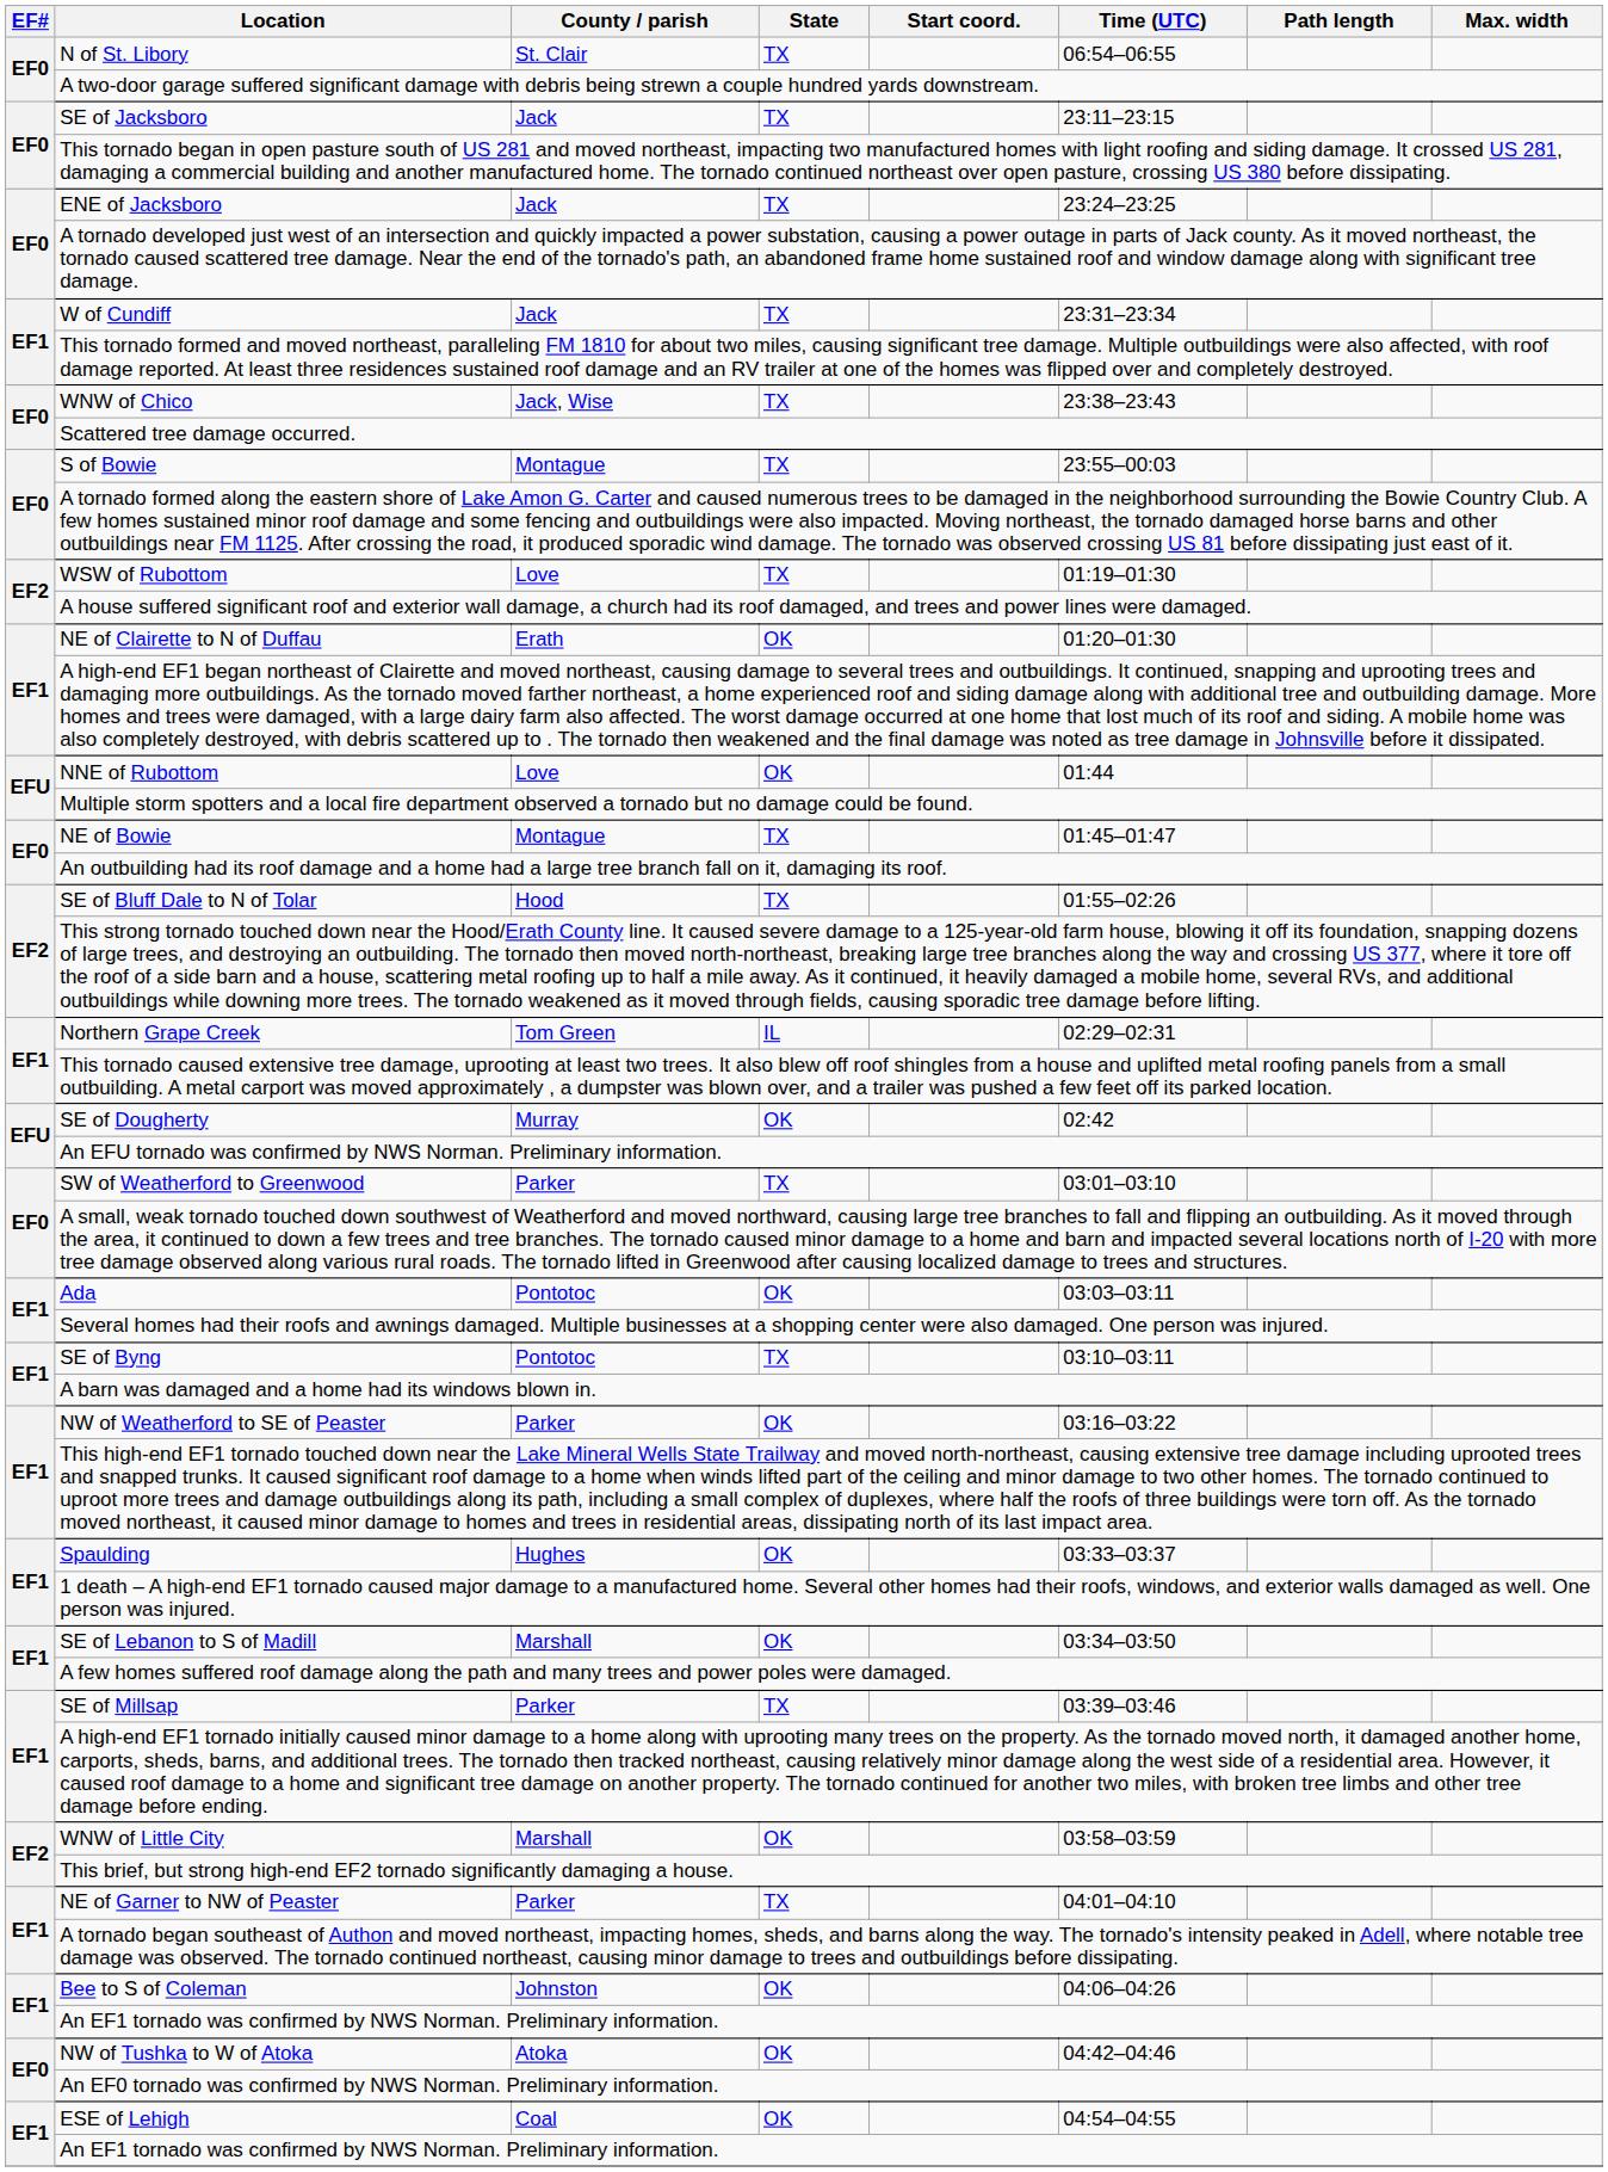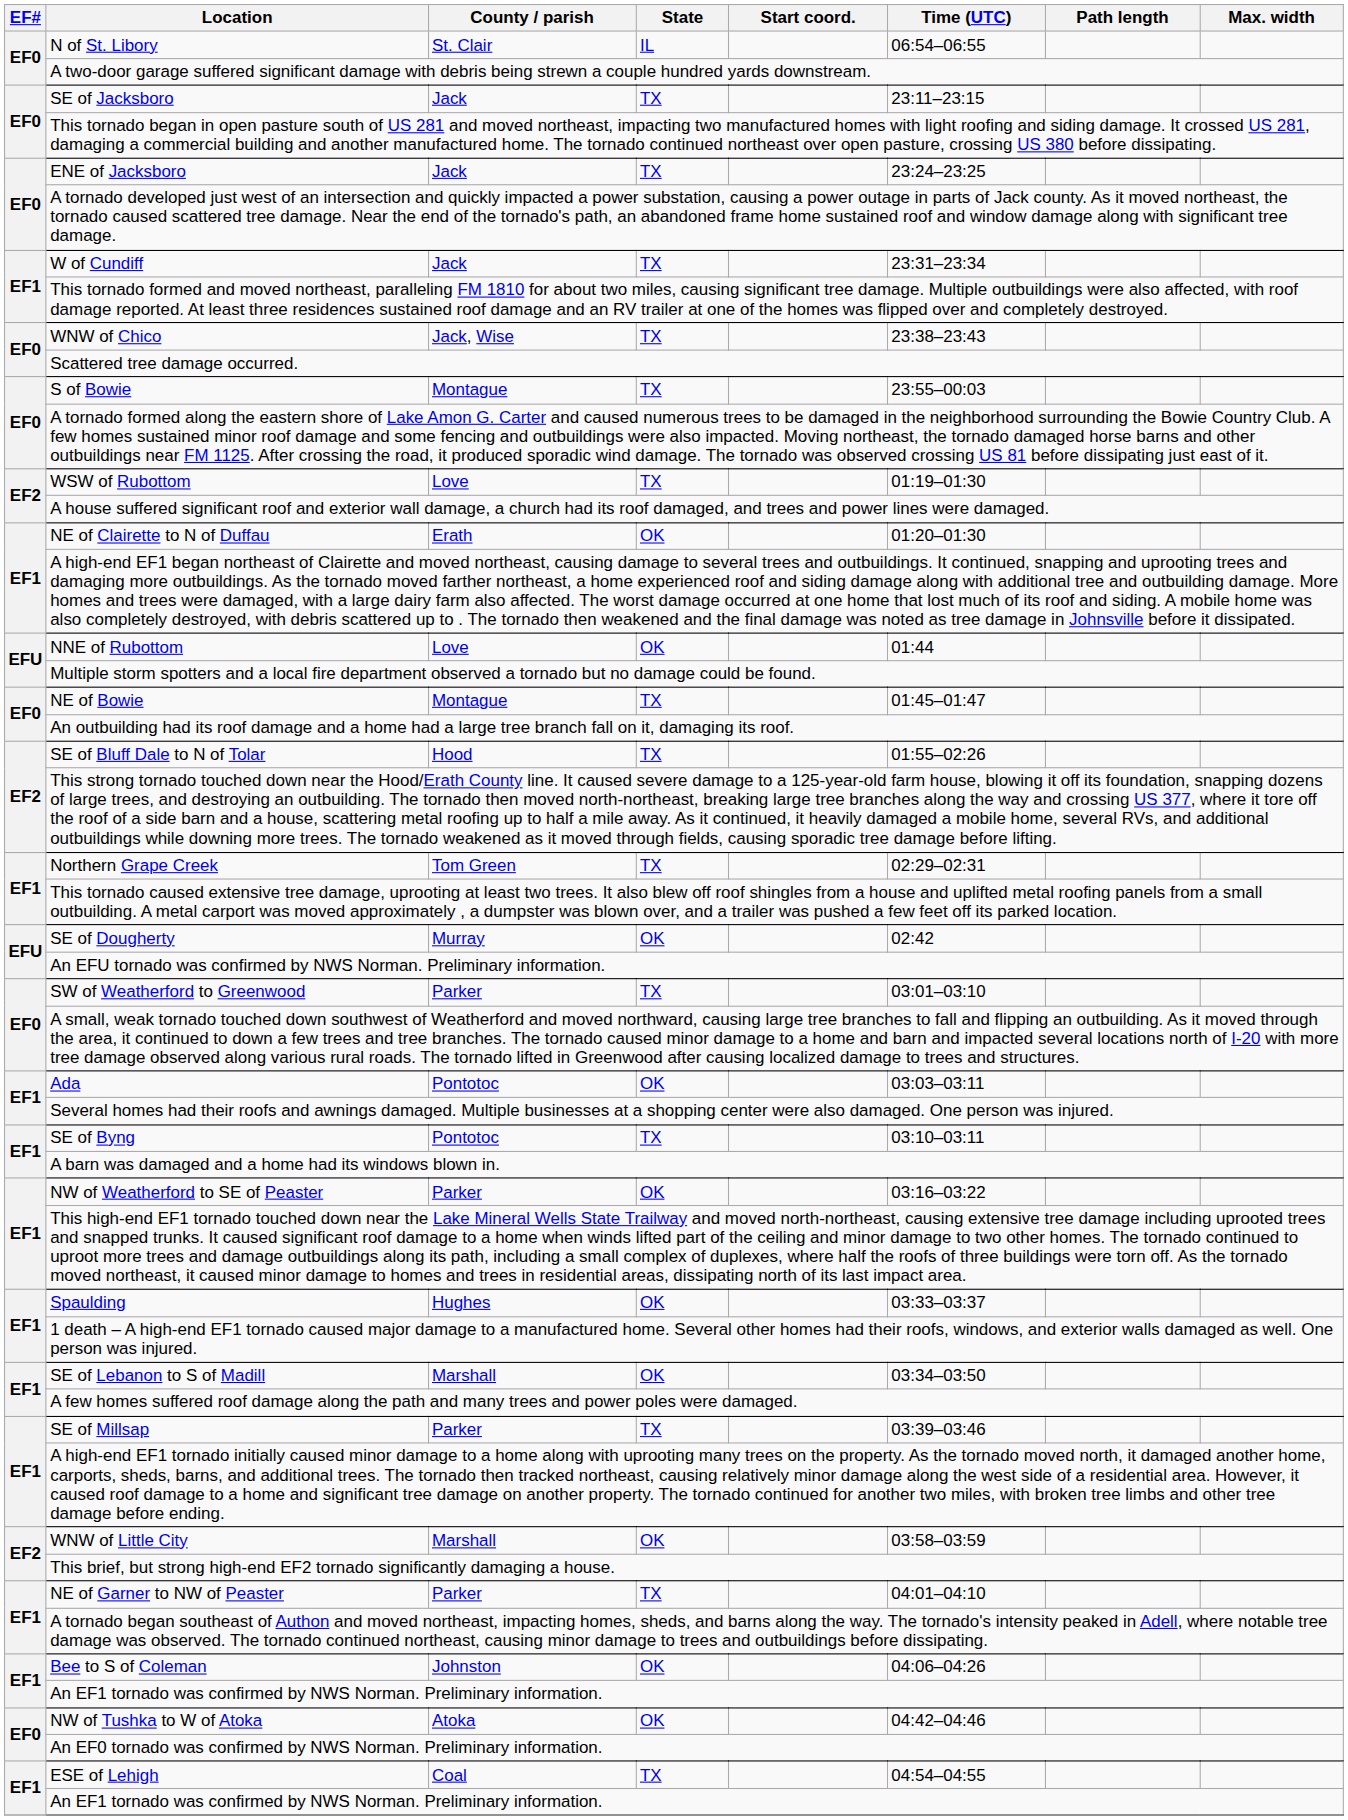 <table class="wikitable sortable" style="width:100%;">
 <tr>
 <th scope="col" width="2%" align="center"><a href='#'>EF#</a></th>
 <th scope="col" align="center" class="unsortable">Location</th>
 <th scope="col" align="center" class="unsortable">County / parish</th>
 <th scope="col" align="center">State</th>
 <th scope="col" align="center">Start coord.</th>
 <th scope="col" align="center">Time (<a href='#'>UTC</a>)</th>
 <th scope="col" align="center">Path length</th>
 <th scope="col" align="center">Max. width</th>
 </tr>
 <tr>
 <th scope="row" rowspan="2" style="background-color:#">EF0</th>
 <td>N of <a href='#'>St. Libory</a></td>
 <td><a href='#'>St. Clair</a></td>
-<td><a href='#'>TX</a></td>
+<td><a href='#'>IL</a></td>
 <td></td>
 <td>06:54–06:55</td>
 <td></td>
 <td></td>
 </tr>
 <tr class="expand-child">
 <td colspan="8" style=" border-bottom: 1px solid black;">A two-door garage suffered significant damage with debris being strewn a couple hundred yards downstream.</td>
 </tr>
 <tr>
 <th scope="row" rowspan="2" style="background-color:#">EF0</th>
 <td>SE of <a href='#'>Jacksboro</a></td>
 <td><a href='#'>Jack</a></td>
 <td><a href='#'>TX</a></td>
 <td></td>
 <td>23:11–23:15</td>
 <td></td>
 <td></td>
 </tr>
 <tr class="expand-child">
 <td colspan="8" style=" border-bottom: 1px solid black;">This tornado began in open pasture south of <a href='#'>US 281</a> and moved northeast, impacting two manufactured homes with light roofing and siding damage. It crossed <a href='#'>US 281</a>, damaging a commercial building and another manufactured home. The tornado continued northeast over open pasture, crossing <a href='#'>US 380</a> before dissipating.</td>
 </tr>
 <tr>
 <th scope="row" rowspan="2" style="background-color:#">EF0</th>
 <td>ENE of <a href='#'>Jacksboro</a></td>
 <td><a href='#'>Jack</a></td>
 <td><a href='#'>TX</a></td>
 <td></td>
 <td>23:24–23:25</td>
 <td></td>
 <td></td>
 </tr>
 <tr class="expand-child">
 <td colspan="8" style=" border-bottom: 1px solid black;">A tornado developed just west of an intersection and quickly impacted a power substation, causing a power outage in parts of Jack county. As it moved northeast, the tornado caused scattered tree damage. Near the end of the tornado's path, an abandoned frame home sustained roof and window damage along with significant tree damage.</td>
 </tr>
 <tr>
 <th scope="row" rowspan="2" style="background-color:#">EF1</th>
 <td>W of <a href='#'>Cundiff</a></td>
 <td><a href='#'>Jack</a></td>
 <td><a href='#'>TX</a></td>
 <td></td>
 <td>23:31–23:34</td>
 <td></td>
 <td></td>
 </tr>
 <tr class="expand-child">
 <td colspan="8" style=" border-bottom: 1px solid black;">This tornado formed and moved northeast, paralleling <a href='#'>FM 1810</a> for about two miles, causing significant tree damage. Multiple outbuildings were also affected, with roof damage reported. At least three residences sustained roof damage and an RV trailer at one of the homes was flipped over and completely destroyed.</td>
 </tr>
 <tr>
 <th scope="row" rowspan="2" style="background-color:#">EF0</th>
 <td>WNW of <a href='#'>Chico</a></td>
 <td><a href='#'>Jack</a>, <a href='#'>Wise</a></td>
 <td><a href='#'>TX</a></td>
 <td></td>
 <td>23:38–23:43</td>
 <td></td>
 <td></td>
 </tr>
 <tr class="expand-child">
 <td colspan="8" style=" border-bottom: 1px solid black;">Scattered tree damage occurred.</td>
 </tr>
 <tr>
 <th scope="row" rowspan="2" style="background-color:#">EF0</th>
 <td>S of <a href='#'>Bowie</a></td>
 <td><a href='#'>Montague</a></td>
 <td><a href='#'>TX</a></td>
 <td></td>
 <td>23:55–00:03</td>
 <td></td>
 <td></td>
 </tr>
 <tr class="expand-child">
 <td colspan="8" style=" border-bottom: 1px solid black;">A tornado formed along the eastern shore of <a href='#'>Lake Amon G. Carter</a> and caused numerous trees to be damaged in the neighborhood surrounding the Bowie Country Club. A few homes sustained minor roof damage and some fencing and outbuildings were also impacted. Moving northeast, the tornado damaged horse barns and other outbuildings near <a href='#'>FM 1125</a>. After crossing the road, it produced sporadic wind damage. The tornado was observed crossing <a href='#'>US 81</a> before dissipating just east of it.</td>
 </tr>
 <tr>
 <th scope="row" rowspan="2" style="background-color:#">EF2</th>
 <td>WSW of <a href='#'>Rubottom</a></td>
 <td><a href='#'>Love</a></td>
 <td><a href='#'>TX</a></td>
 <td></td>
 <td>01:19–01:30</td>
 <td></td>
 <td></td>
 </tr>
 <tr class="expand-child">
 <td colspan="8" style=" border-bottom: 1px solid black;">A house suffered significant roof and exterior wall damage, a church had its roof damaged, and trees and power lines were damaged.</td>
 </tr>
 <tr>
 <th scope="row" rowspan="2" style="background-color:#">EF1</th>
 <td>NE of <a href='#'>Clairette</a> to N of <a href='#'>Duffau</a></td>
 <td><a href='#'>Erath</a></td>
 <td><a href='#'>OK</a></td>
 <td></td>
 <td>01:20–01:30</td>
 <td></td>
 <td></td>
 </tr>
 <tr class="expand-child">
 <td colspan="8" style=" border-bottom: 1px solid black;">A high-end EF1 began northeast of Clairette and moved northeast, causing damage to several trees and outbuildings. It continued, snapping and uprooting trees and damaging more outbuildings. As the tornado moved farther northeast, a home experienced roof and siding damage along with additional tree and outbuilding damage. More homes and trees were damaged, with a large dairy farm also affected. The worst damage occurred at one home that lost much of its roof and siding. A mobile home was also completely destroyed, with debris scattered up to . The tornado then weakened and the final damage was noted as tree damage in <a href='#'>Johnsville</a> before it dissipated.</td>
 </tr>
 <tr>
 <th scope="row" rowspan="2" style="background-color:#">EFU</th>
 <td>NNE of <a href='#'>Rubottom</a></td>
 <td><a href='#'>Love</a></td>
 <td><a href='#'>OK</a></td>
 <td></td>
 <td>01:44</td>
 <td></td>
 <td></td>
 </tr>
 <tr class="expand-child">
 <td colspan="8" style=" border-bottom: 1px solid black;">Multiple storm spotters and a local fire department observed a tornado but no damage could be found.</td>
 </tr>
 <tr>
 <th scope="row" rowspan="2" style="background-color:#">EF0</th>
 <td>NE of <a href='#'>Bowie</a></td>
 <td><a href='#'>Montague</a></td>
 <td><a href='#'>TX</a></td>
 <td></td>
 <td>01:45–01:47</td>
 <td></td>
 <td></td>
 </tr>
 <tr class="expand-child">
 <td colspan="8" style=" border-bottom: 1px solid black;">An outbuilding had its roof damage and a home had a large tree branch fall on it, damaging its roof.</td>
 </tr>
 <tr>
 <th scope="row" rowspan="2" style="background-color:#">EF2</th>
 <td>SE of <a href='#'>Bluff Dale</a> to N of <a href='#'>Tolar</a></td>
 <td><a href='#'>Hood</a></td>
 <td><a href='#'>TX</a></td>
 <td></td>
 <td>01:55–02:26</td>
 <td></td>
 <td></td>
 </tr>
 <tr class="expand-child">
 <td colspan="8" style=" border-bottom: 1px solid black;">This strong tornado touched down near the Hood/<a href='#'>Erath County</a> line. It caused severe damage to a 125-year-old farm house, blowing it off its foundation, snapping dozens of large trees, and destroying an outbuilding. The tornado then moved north-northeast, breaking large tree branches along the way and crossing <a href='#'>US 377</a>, where it tore off the roof of a side barn and a house, scattering metal roofing up to half a mile away. As it continued, it heavily damaged a mobile home, several RVs, and additional outbuildings while downing more trees. The tornado weakened as it moved through fields, causing sporadic tree damage before lifting.</td>
 </tr>
 <tr>
 <th scope="row" rowspan="2" style="background-color:#">EF1</th>
 <td>Northern <a href='#'>Grape Creek</a></td>
 <td><a href='#'>Tom Green</a></td>
-<td><a href='#'>IL</a></td>
+<td><a href='#'>TX</a></td>
 <td></td>
 <td>02:29–02:31</td>
 <td></td>
 <td></td>
 </tr>
 <tr class="expand-child">
 <td colspan="8" style=" border-bottom: 1px solid black;">This tornado caused extensive tree damage, uprooting at least two trees. It also blew off roof shingles from a house and uplifted metal roofing panels from a small outbuilding. A metal carport was moved approximately , a dumpster was blown over, and a trailer was pushed a few feet off its parked location.</td>
 </tr>
 <tr>
 <th scope="row" rowspan="2" style="background-color:#">EFU</th>
 <td>SE of <a href='#'>Dougherty</a></td>
 <td><a href='#'>Murray</a></td>
 <td><a href='#'>OK</a></td>
 <td></td>
 <td>02:42</td>
 <td></td>
 <td></td>
 </tr>
 <tr class="expand-child">
 <td colspan="8" style=" border-bottom: 1px solid black;">An EFU tornado was confirmed by NWS Norman. Preliminary information.</td>
 </tr>
 <tr>
 <th scope="row" rowspan="2" style="background-color:#">EF0</th>
 <td>SW of <a href='#'>Weatherford</a> to <a href='#'>Greenwood</a></td>
 <td><a href='#'>Parker</a></td>
 <td><a href='#'>TX</a></td>
 <td></td>
 <td>03:01–03:10</td>
 <td></td>
 <td></td>
 </tr>
 <tr class="expand-child">
 <td colspan="8" style=" border-bottom: 1px solid black;">A small, weak tornado touched down southwest of Weatherford and moved northward, causing large tree branches to fall and flipping an outbuilding. As it moved through the area, it continued to down a few trees and tree branches. The tornado caused minor damage to a home and barn and impacted several locations north of <a href='#'>I-20</a> with more tree damage observed along various rural roads. The tornado lifted in Greenwood after causing localized damage to trees and structures.</td>
 </tr>
 <tr>
 <th scope="row" rowspan="2" style="background-color:#">EF1</th>
 <td><a href='#'>Ada</a></td>
 <td><a href='#'>Pontotoc</a></td>
 <td><a href='#'>OK</a></td>
 <td></td>
 <td>03:03–03:11</td>
 <td></td>
 <td></td>
 </tr>
 <tr class="expand-child">
 <td colspan="8" style=" border-bottom: 1px solid black;">Several homes had their roofs and awnings damaged. Multiple businesses at a shopping center were also damaged. One person was injured.</td>
 </tr>
 <tr>
 <th scope="row" rowspan="2" style="background-color:#">EF1</th>
 <td>SE of <a href='#'>Byng</a></td>
 <td><a href='#'>Pontotoc</a></td>
 <td><a href='#'>TX</a></td>
 <td></td>
 <td>03:10–03:11</td>
 <td></td>
 <td></td>
 </tr>
 <tr class="expand-child">
 <td colspan="8" style=" border-bottom: 1px solid black;">A barn was damaged and a home had its windows blown in.</td>
 </tr>
 <tr>
 <th scope="row" rowspan="2" style="background-color:#">EF1</th>
 <td>NW of <a href='#'>Weatherford</a> to SE of <a href='#'>Peaster</a></td>
 <td><a href='#'>Parker</a></td>
 <td><a href='#'>OK</a></td>
 <td></td>
 <td>03:16–03:22</td>
 <td></td>
 <td></td>
 </tr>
 <tr class="expand-child">
 <td colspan="8" style=" border-bottom: 1px solid black;">This high-end EF1 tornado touched down near the <a href='#'>Lake Mineral Wells State Trailway</a> and moved north-northeast, causing extensive tree damage including uprooted trees and snapped trunks. It caused significant roof damage to a home when winds lifted part of the ceiling and minor damage to two other homes. The tornado continued to uproot more trees and damage outbuildings along its path, including a small complex of duplexes, where half the roofs of three buildings were torn off. As the tornado moved northeast, it caused minor damage to homes and trees in residential areas, dissipating north of its last impact area.</td>
 </tr>
 <tr>
 <th scope="row" rowspan="2" style="background-color:#">EF1</th>
 <td><a href='#'>Spaulding</a></td>
 <td><a href='#'>Hughes</a></td>
 <td><a href='#'>OK</a></td>
 <td></td>
 <td>03:33–03:37</td>
 <td></td>
 <td></td>
 </tr>
 <tr class="expand-child">
 <td colspan="8" style=" border-bottom: 1px solid black;">1 death – A high-end EF1 tornado caused major damage to a manufactured home. Several other homes had their roofs, windows, and exterior walls damaged as well. One person was injured.</td>
 </tr>
 <tr>
 <th scope="row" rowspan="2" style="background-color:#">EF1</th>
 <td>SE of <a href='#'>Lebanon</a> to S of <a href='#'>Madill</a></td>
 <td><a href='#'>Marshall</a></td>
 <td><a href='#'>OK</a></td>
 <td></td>
 <td>03:34–03:50</td>
 <td></td>
 <td></td>
 </tr>
 <tr class="expand-child">
 <td colspan="8" style=" border-bottom: 1px solid black;">A few homes suffered roof damage along the path and many trees and power poles were damaged.</td>
 </tr>
 <tr>
 <th scope="row" rowspan="2" style="background-color:#">EF1</th>
 <td>SE of <a href='#'>Millsap</a></td>
 <td><a href='#'>Parker</a></td>
 <td><a href='#'>TX</a></td>
 <td></td>
 <td>03:39–03:46</td>
 <td></td>
 <td></td>
 </tr>
 <tr class="expand-child">
 <td colspan="8" style=" border-bottom: 1px solid black;">A high-end EF1 tornado initially caused minor damage to a home along with uprooting many trees on the property. As the tornado moved north, it damaged another home, carports, sheds, barns, and additional trees. The tornado then tracked northeast, causing relatively minor damage along the west side of a residential area. However, it caused roof damage to a home and significant tree damage on another property. The tornado continued for another two miles, with broken tree limbs and other tree damage before ending.</td>
 </tr>
 <tr>
 <th scope="row" rowspan="2" style="background-color:#">EF2</th>
 <td>WNW of <a href='#'>Little City</a></td>
 <td><a href='#'>Marshall</a></td>
 <td><a href='#'>OK</a></td>
 <td></td>
 <td>03:58–03:59</td>
 <td></td>
 <td></td>
 </tr>
 <tr class="expand-child">
 <td colspan="8" style=" border-bottom: 1px solid black;">This brief, but strong high-end EF2 tornado significantly damaging a house.</td>
 </tr>
 <tr>
 <th scope="row" rowspan="2" style="background-color:#">EF1</th>
 <td>NE of <a href='#'>Garner</a> to NW of <a href='#'>Peaster</a></td>
 <td><a href='#'>Parker</a></td>
 <td><a href='#'>TX</a></td>
 <td></td>
 <td>04:01–04:10</td>
 <td></td>
 <td></td>
 </tr>
 <tr class="expand-child">
 <td colspan="8" style=" border-bottom: 1px solid black;">A tornado began southeast of <a href='#'>Authon</a> and moved northeast, impacting homes, sheds, and barns along the way. The tornado's intensity peaked in <a href='#'>Adell</a>, where notable tree damage was observed. The tornado continued northeast, causing minor damage to trees and outbuildings before dissipating.</td>
 </tr>
 <tr>
 <th scope="row" rowspan="2" style="background-color:#">EF1</th>
 <td><a href='#'>Bee</a> to S of <a href='#'>Coleman</a></td>
 <td><a href='#'>Johnston</a></td>
 <td><a href='#'>OK</a></td>
 <td></td>
 <td>04:06–04:26</td>
 <td></td>
 <td></td>
 </tr>
 <tr class="expand-child">
 <td colspan="8" style=" border-bottom: 1px solid black;">An EF1 tornado was confirmed by NWS Norman. Preliminary information.</td>
 </tr>
 <tr>
 <th scope="row" rowspan="2" style="background-color:#">EF0</th>
 <td>NW of <a href='#'>Tushka</a> to W of <a href='#'>Atoka</a></td>
 <td><a href='#'>Atoka</a></td>
 <td><a href='#'>OK</a></td>
 <td></td>
 <td>04:42–04:46</td>
 <td></td>
 <td></td>
 </tr>
 <tr class="expand-child">
 <td colspan="8" style=" border-bottom: 1px solid black;">An EF0 tornado was confirmed by NWS Norman. Preliminary information.</td>
 </tr>
 <tr>
 <th scope="row" rowspan="2" style="background-color:#">EF1</th>
 <td>ESE of <a href='#'>Lehigh</a></td>
 <td><a href='#'>Coal</a></td>
-<td><a href='#'>OK</a></td>
+<td><a href='#'>TX</a></td>
 <td></td>
 <td>04:54–04:55</td>
 <td></td>
 <td></td>
 </tr>
 <tr class="expand-child">
 <td colspan="8" style=" border-bottom: 1px solid black;">An EF1 tornado was confirmed by NWS Norman. Preliminary information.</td>
 </tr>
 <tr>
 </tr>
 </table>
